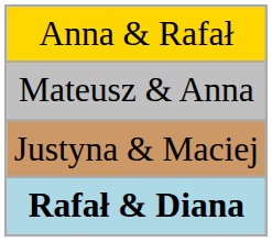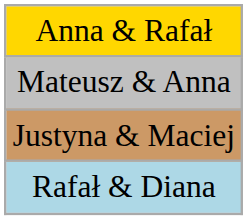 <table class="wikitable" style="font-size:85%; text-align:center">
 <tr bgcolor="gold">
 <td>Anna & Rafał</td>
 </tr>
 <tr bgcolor="silver">
 <td>Mateusz & Anna</td>
 </tr>
 <tr bgcolor="#cc9966">
 <td>Justyna & Maciej</td>
 </tr>
 <tr style="background:lightblue;">
-<td><strong>Rafał & Diana</strong></td>
+<td>Rafał & Diana</td>
 </tr>
 </table>
